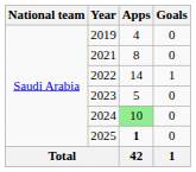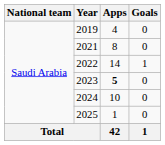 <table class="wikitable" style="text-align:center">
 <tr>
 <th>National team</th>
 <th>Year</th>
 <th>Apps</th>
 <th>Goals</th>
 </tr>
 <tr>
 <td rowspan="6"><a href='#'>Saudi Arabia</a></td>
 <td>2019</td>
 <td>4</td>
 <td>0</td>
 </tr>
 <tr>
 <td>2021</td>
 <td>8</td>
 <td>0</td>
 </tr>
 <tr>
 <td>2022</td>
 <td>14</td>
 <td>1</td>
 </tr>
 <tr>
 <td>2023</td>
-<td>5</td>
+<td><strong>5</strong></td>
 <td>0</td>
 </tr>
 <tr>
 <td>2024</td>
-<td style="background: lightgreen;">10</td>
+<td>10</td>
 <td>0</td>
 </tr>
 <tr>
 <td>2025</td>
-<td><strong>1</strong></td>
+<td>1</td>
 <td>0</td>
 </tr>
 <tr>
 <th colspan="2">Total</th>
 <th>42</th>
 <th>1</th>
 </tr>
 </table>
